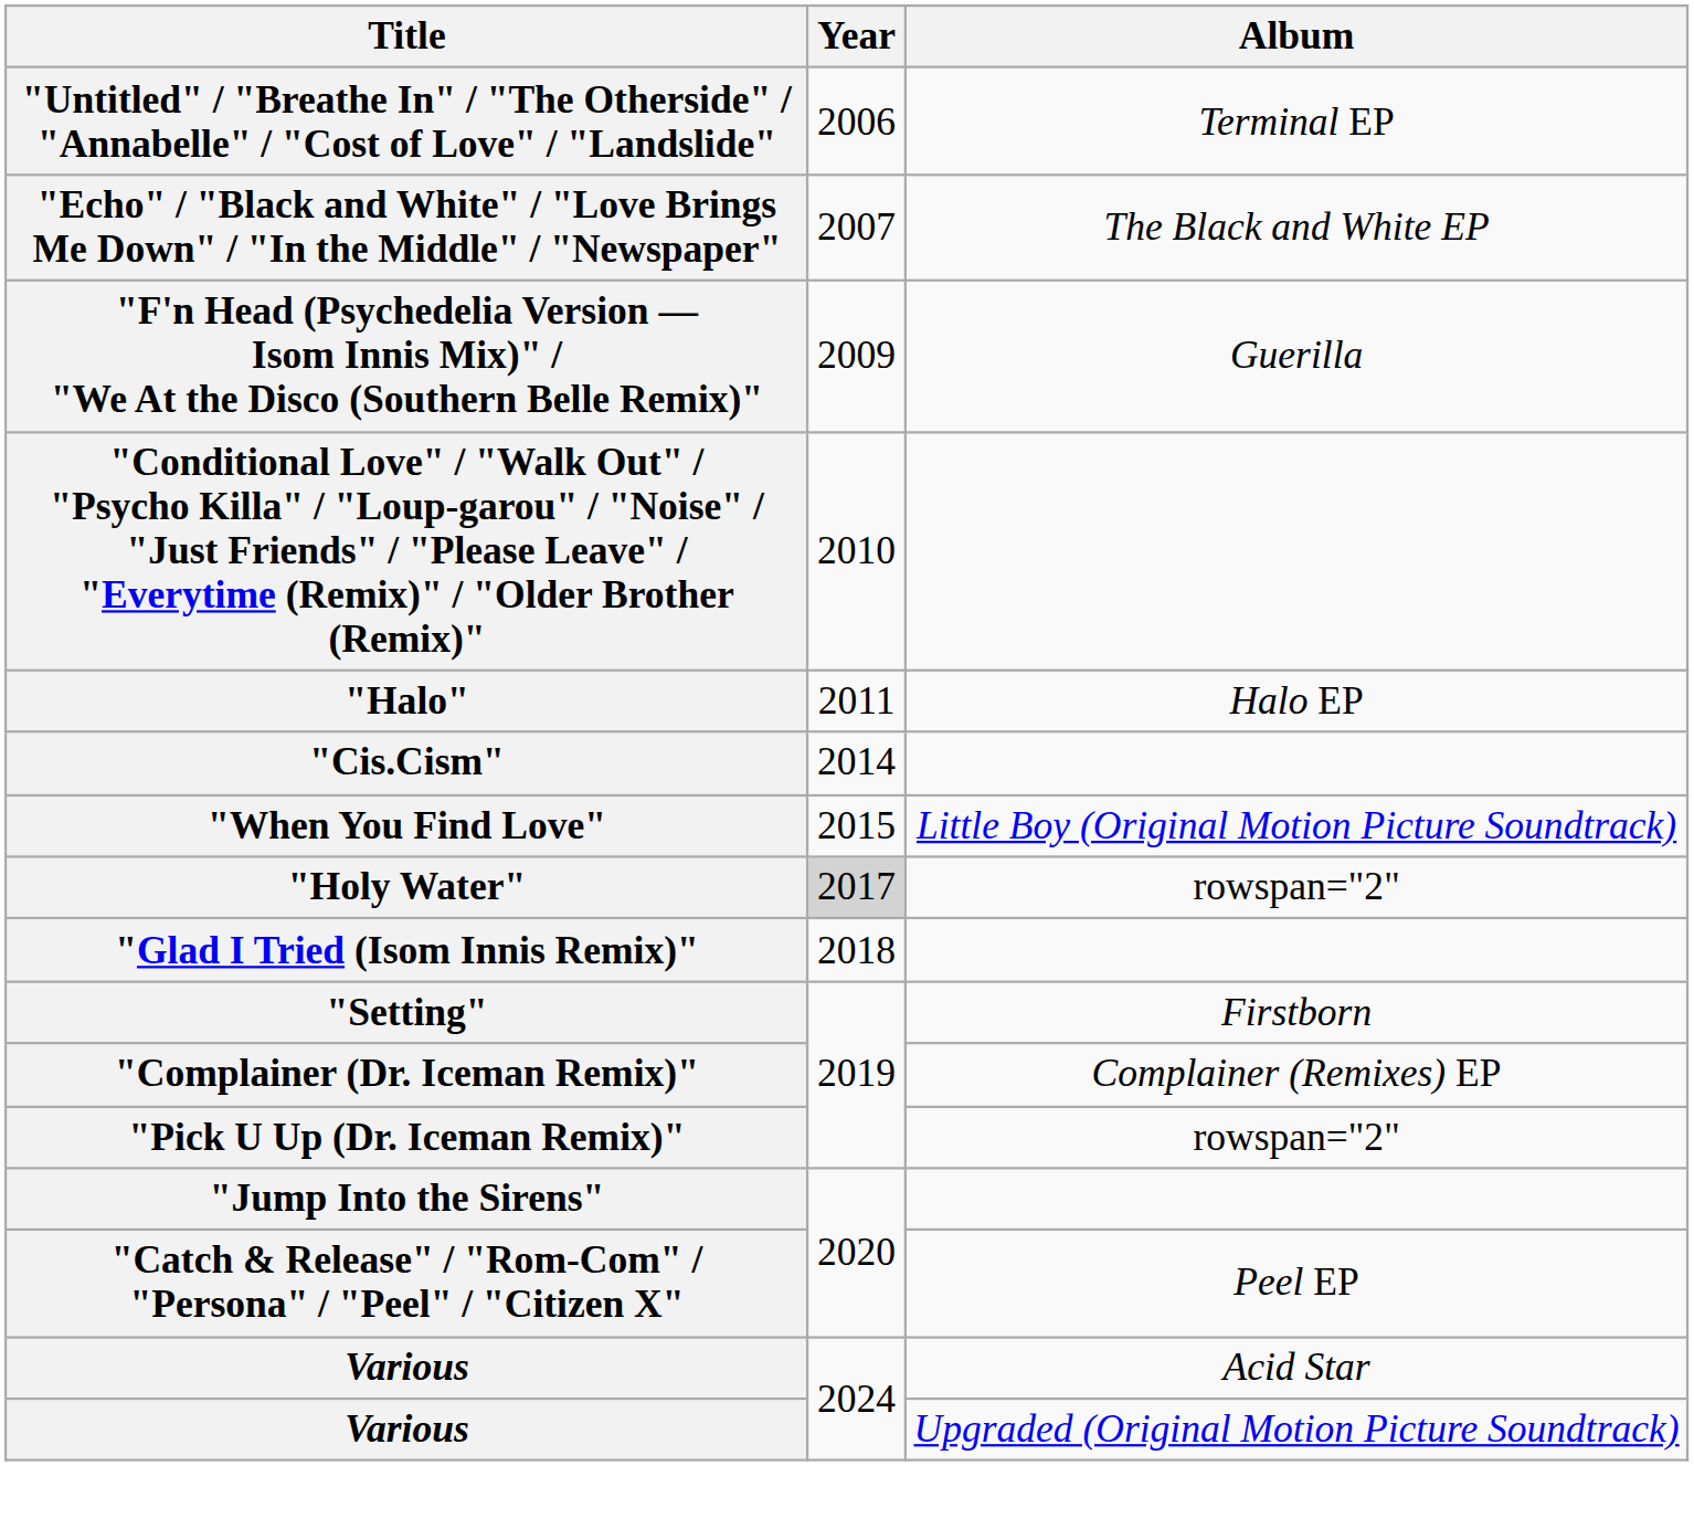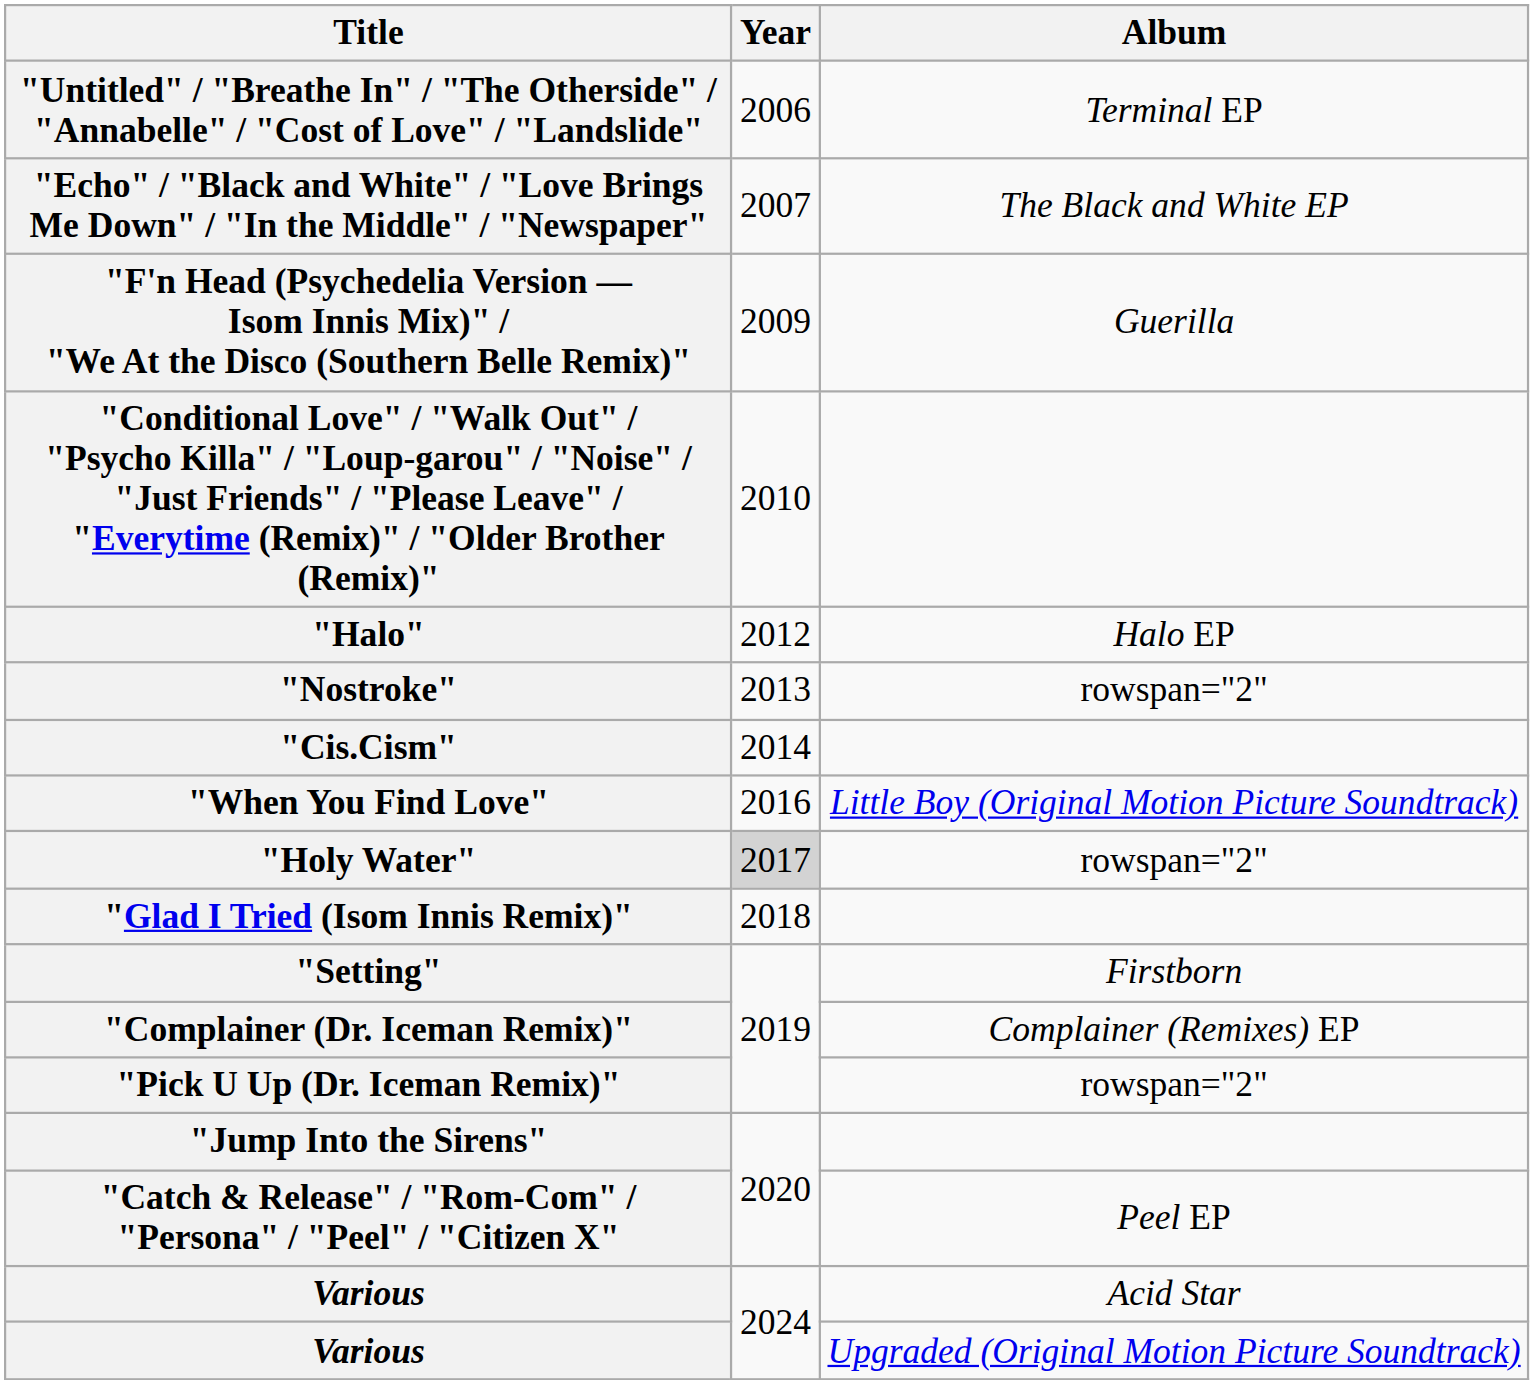 <table class="wikitable plainrowheaders" style="text-align:center;">
 <tr>
 <th scope="col" style="width:20em;">Title</th>
 <th scope="col">Year</th>
 <th scope="col">Album</th>
 </tr>
 <tr>
 <th scope="row">"Untitled" / "Breathe In" / "The Otherside" / "Annabelle" / "Cost of Love" / "Landslide"<br></th>
 <td>2006</td>
 <td><em>Terminal</em> EP</td>
 </tr>
 <tr>
 <th scope="row">"Echo" / "Black and White" / "Love Brings Me Down" / "In the Middle" / "Newspaper"<br></th>
 <td>2007</td>
 <td><em>The Black and White EP</em></td>
 </tr>
 <tr>
 <th scope="row">"F'n Head (Psychedelia Version —<br>Isom Innis Mix)" /<br>"We At the Disco (Southern Belle Remix)"<br></th>
 <td>2009</td>
 <td><em>Guerilla</em></td>
 </tr>
 <tr>
 <th scope="row">"Conditional Love" / "Walk Out" /<br>"Psycho Killa" / "Loup-garou" / "Noise" /<br>"Just Friends" / "Please Leave" /<br>"<a href='#'>Everytime</a> (Remix)" / "Older Brother (Remix)"<br></th>
 <td>2010</td>
 <td></td>
 </tr>
 <tr>
 <th scope="row">"Halo"<br></th>
-<td>2011</td>
+<td>2012</td>
 <td><em>Halo</em> EP</td>
+</tr>
+<tr>
+<th scope="row">"Nostroke"<br></th>
+<td>2013</td>
+<td>rowspan="2" </td>
 </tr>
 <tr>
 <th scope="row">"Cis.Cism"<br></th>
 <td>2014</td>
 </tr>
 <tr>
 <th scope="row">"When You Find Love"<br></th>
-<td>2015</td>
+<td>2016</td>
 <td><em><a href='#'>Little Boy (Original Motion Picture Soundtrack)</a></em></td>
 </tr>
 <tr>
 <th scope="row">"Holy Water"<br></th>
 <td style="background: lightgrey;">2017</td>
 <td>rowspan="2" </td>
 </tr>
 <tr>
 <th scope="row">"<a href='#'>Glad I Tried</a> (Isom Innis Remix)"<br></th>
 <td>2018</td>
 </tr>
 <tr>
 <th scope="row">"Setting"<br></th>
 <td rowspan="3">2019</td>
 <td><em>Firstborn</em></td>
 </tr>
 <tr>
 <th scope="row">"Complainer (Dr. Iceman Remix)"<br></th>
 <td><em>Complainer (Remixes)</em> EP</td>
 </tr>
 <tr>
 <th scope="row">"Pick U Up (Dr. Iceman Remix)"<br></th>
 <td>rowspan="2" </td>
 </tr>
 <tr>
 <th scope="row">"Jump Into the Sirens"<br></th>
 <td rowspan="2">2020</td>
 </tr>
 <tr>
 <th scope="row">"Catch & Release" / "Rom-Com" /<br>"Persona" / "Peel" / "Citizen X"<br></th>
 <td><em>Peel</em> EP</td>
 </tr>
 <tr>
 <th scope="row"><em>Various</em><br></th>
 <td rowspan="2">2024</td>
 <td><em>Acid Star</em></td>
 </tr>
 <tr>
 <th scope="row"><em>Various</em><br></th>
 <td><em><a href='#'>Upgraded (Original Motion Picture Soundtrack)</a></em></td>
 </tr>
 </table>
